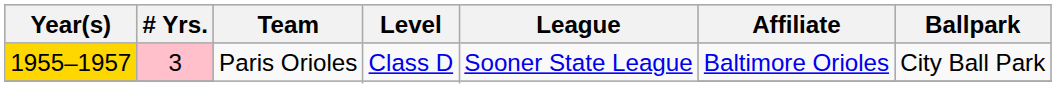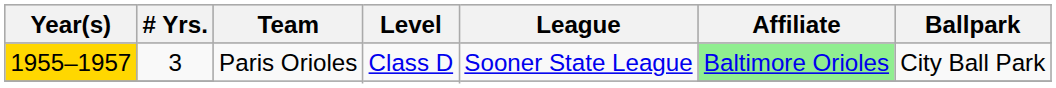 <table class="wikitable" style="text-align:center; font-size: 95%;">
 <tr>
 <th>Year(s)</th>
 <th># Yrs.</th>
 <th>Team</th>
 <th>Level</th>
 <th>League</th>
 <th>Affiliate</th>
 <th>Ballpark</th>
 </tr>
 <tr>
 <td style="background: gold;">1955–1957</td>
-<td style="background: pink;">3</td>
+<td>3</td>
 <td rowspan=2>Paris Orioles</td>
 <td rowspan=6><a href='#'>Class D</a></td>
 <td rowspan=6><a href='#'>Sooner State League</a></td>
-<td><a href='#'>Baltimore Orioles</a></td>
+<td style="background: lightgreen;"><a href='#'>Baltimore Orioles</a></td>
 <td>City Ball Park</td>
 </tr>
 <tr>
 </tr>
 </table>
